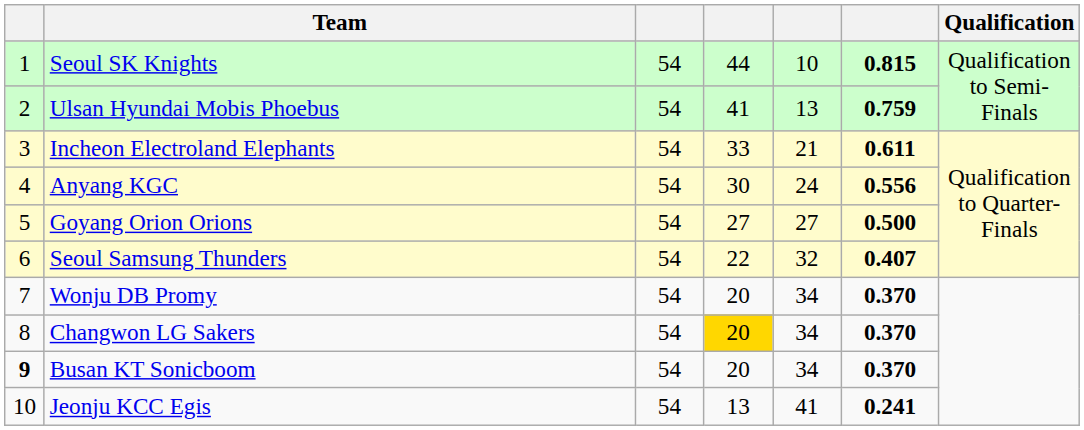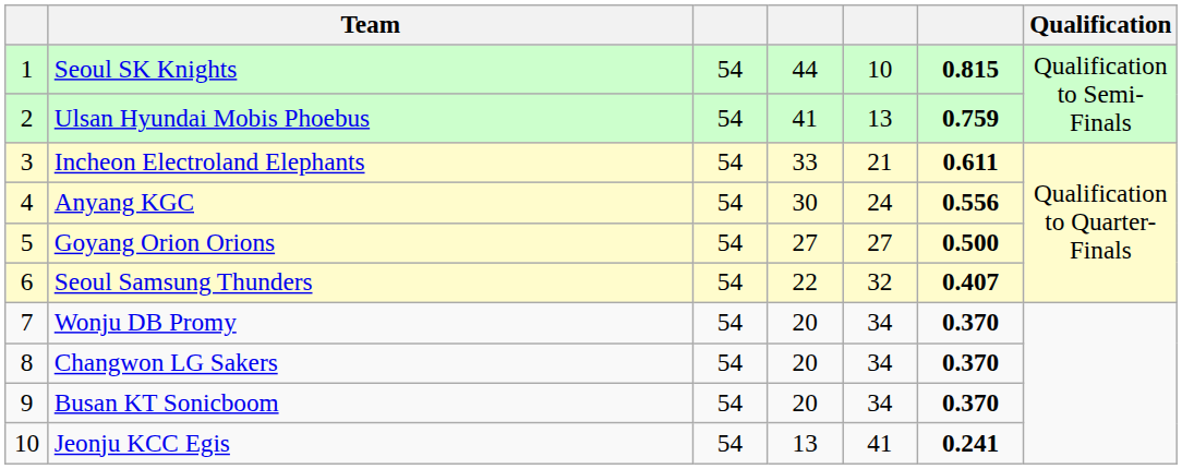 <table class="wikitable" style="text-align:center;">
 <tr>
 <th width=20></th>
 <th width=400>Team</th>
 <th width=40></th>
 <th width=40></th>
 <th width=40></th>
 <th width=60></th>
 <th width=80>Qualification</th>
 </tr>
 <tr bgcolor=#ccffcc>
 <td>1</td>
 <td align=left><a href='#'>Seoul SK Knights</a></td>
 <td>54</td>
 <td>44</td>
 <td>10</td>
 <td><strong>0.815</strong></td>
 <td rowspan="2">Qualification to Semi-Finals</td>
 </tr>
 <tr bgcolor=#ccffcc>
 <td>2</td>
 <td align=left><a href='#'>Ulsan Hyundai Mobis Phoebus</a></td>
 <td>54</td>
 <td>41</td>
 <td>13</td>
 <td><strong>0.759</strong></td>
 </tr>
 <tr bgcolor=#fffccc>
 <td>3</td>
 <td align=left><a href='#'>Incheon Electroland Elephants</a></td>
 <td>54</td>
 <td>33</td>
 <td>21</td>
 <td><strong>0.611</strong></td>
 <td rowspan="4">Qualification to Quarter-Finals</td>
 </tr>
 <tr bgcolor=#fffccc>
 <td>4</td>
 <td align=left><a href='#'>Anyang KGC</a></td>
 <td>54</td>
 <td>30</td>
 <td>24</td>
 <td><strong>0.556</strong></td>
 </tr>
 <tr bgcolor=#fffccc>
 <td>5</td>
 <td align=left><a href='#'>Goyang Orion Orions</a></td>
 <td>54</td>
 <td>27</td>
 <td>27</td>
 <td><strong>0.500</strong></td>
 </tr>
 <tr bgcolor=#fffccc>
 <td>6</td>
 <td align=left><a href='#'>Seoul Samsung Thunders</a></td>
 <td>54</td>
 <td>22</td>
 <td>32</td>
 <td><strong>0.407</strong></td>
 </tr>
 <tr>
 <td>7</td>
 <td align=left><a href='#'>Wonju DB Promy</a></td>
 <td>54</td>
 <td>20</td>
 <td>34</td>
 <td><strong>0.370</strong></td>
 <td rowspan="4"></td>
 </tr>
 <tr>
 <td>8</td>
 <td align=left><a href='#'>Changwon LG Sakers</a></td>
 <td>54</td>
-<td style="background: gold;">20</td>
+<td>20</td>
 <td>34</td>
 <td><strong>0.370</strong></td>
 </tr>
 <tr>
-<td><strong>9</strong></td>
+<td>9</td>
 <td align=left><a href='#'>Busan KT Sonicboom</a></td>
 <td>54</td>
 <td>20</td>
 <td>34</td>
 <td><strong>0.370</strong></td>
 </tr>
 <tr>
 <td>10</td>
 <td align=left><a href='#'>Jeonju KCC Egis</a></td>
 <td>54</td>
 <td>13</td>
 <td>41</td>
 <td><strong>0.241</strong></td>
 </tr>
 </table>
